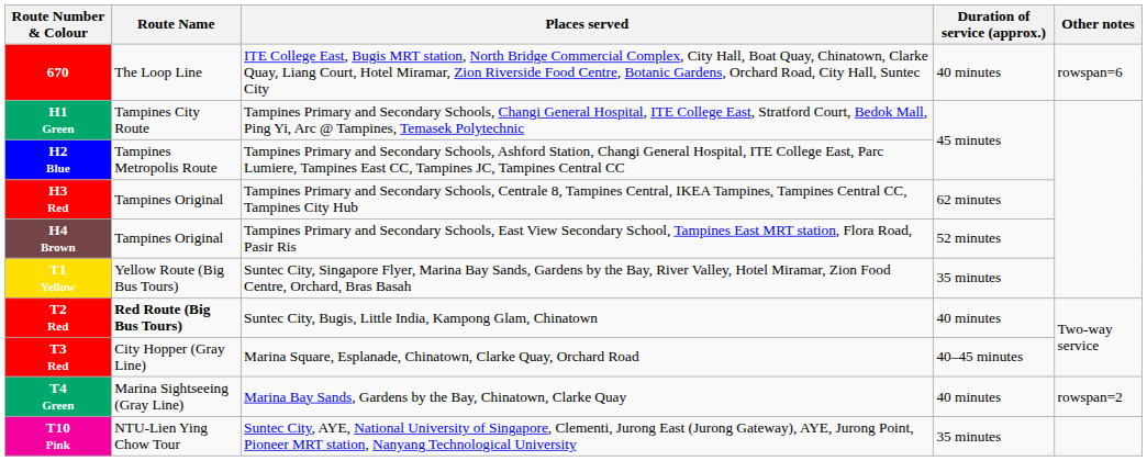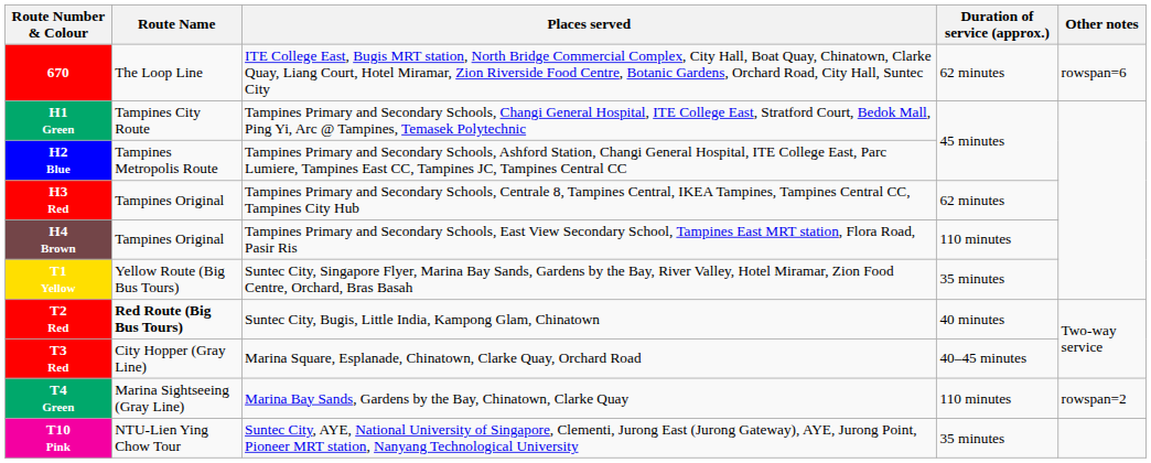 <table class="wikitable">
 <tr>
 <th>Route Number & Colour</th>
 <th>Route Name</th>
 <th>Places served</th>
 <th>Duration of service (approx.)</th>
 <th>Other notes</th>
 </tr>
 <tr>
 <th style="background:#f00; color:white;">670</th>
 <td>The Loop Line</td>
 <td><a href='#'>ITE College East</a>, <a href='#'>Bugis MRT station</a>, <a href='#'>North Bridge Commercial Complex</a>, City Hall, Boat Quay, Chinatown, Clarke Quay, Liang Court, Hotel Miramar, <a href='#'>Zion Riverside Food Centre</a>, <a href='#'>Botanic Gardens</a>, Orchard Road, City Hall, Suntec City</td>
-<td>40 minutes</td>
+<td>62 minutes</td>
 <td>rowspan=6 </td>
 </tr>
 <tr>
 <th style="background:#00A86B; color:white">H1 <br><small>Green</small></th>
 <td>Tampines City Route</td>
 <td>Tampines Primary and Secondary Schools, <a href='#'>Changi General Hospital</a>, <a href='#'>ITE College East</a>, Stratford Court, <a href='#'>Bedok Mall</a>, Ping Yi, Arc @ Tampines, <a href='#'>Temasek Polytechnic</a></td>
 <td rowspan=2>45 minutes</td>
 </tr>
 <tr>
 <th style="background:#00f; color:white;">H2 <br><small>Blue</small></th>
 <td>Tampines Metropolis Route</td>
 <td>Tampines Primary and Secondary Schools, Ashford Station, Changi General Hospital, ITE College East, Parc Lumiere, Tampines East CC, Tampines JC, Tampines Central CC</td>
 </tr>
 <tr>
 <th style="background:#f00; color:white;">H3 <br><small>Red</small></th>
 <td>Tampines Original</td>
 <td>Tampines Primary and Secondary Schools, Centrale 8, Tampines Central, IKEA Tampines, Tampines Central CC, Tampines City Hub</td>
 <td>62 minutes</td>
 </tr>
 <tr>
 <th style="background:#734548; color:white">H4 <br><small>Brown</small></th>
 <td>Tampines Original</td>
 <td>Tampines Primary and Secondary Schools, East View Secondary School, <a href='#'>Tampines East MRT station</a>, Flora Road, Pasir Ris</td>
-<td>52 minutes</td>
+<td>110 minutes</td>
 </tr>
 <tr>
 <th style="background:#FFDF00; color:white">T1 <br><small>Yellow</small></th>
 <td>Yellow Route (Big Bus Tours)</td>
 <td>Suntec City, Singapore Flyer, Marina Bay Sands, Gardens by the Bay, River Valley, Hotel Miramar, Zion Food Centre, Orchard, Bras Basah</td>
 <td>35 minutes</td>
 </tr>
 <tr>
 <th style="background:#FF0000; color:white">T2 <br><small>Red</small></th>
 <td><strong>Red Route (Big Bus Tours)</strong></td>
 <td>Suntec City, Bugis, Little India, Kampong Glam, Chinatown</td>
 <td>40 minutes</td>
 <td rowspan=2>Two-way service</td>
 </tr>
 <tr>
 <th style="background:#FF0000; color:white">T3 <br><small>Red</small></th>
 <td>City Hopper (Gray Line)</td>
 <td>Marina Square, Esplanade, Chinatown, Clarke Quay, Orchard Road</td>
 <td>40–45 minutes</td>
 </tr>
 <tr>
 <th style="background:#00A86B; color:white">T4 <br><small>Green</small></th>
 <td>Marina Sightseeing (Gray Line)</td>
 <td><a href='#'>Marina Bay Sands</a>, Gardens by the Bay, Chinatown, Clarke Quay</td>
-<td>40 minutes</td>
+<td>110 minutes</td>
 <td>rowspan=2 </td>
 </tr>
 <tr>
 <th style="background:#f400a1; color:white">T10 <br><small>Pink</small></th>
 <td>NTU-Lien Ying Chow Tour</td>
 <td><a href='#'>Suntec City</a>, AYE, <a href='#'>National University of Singapore</a>, Clementi, Jurong East (Jurong Gateway), AYE, Jurong Point, <a href='#'>Pioneer MRT station</a>, <a href='#'>Nanyang Technological University</a></td>
 <td>35 minutes</td>
 </tr>
 </table>
